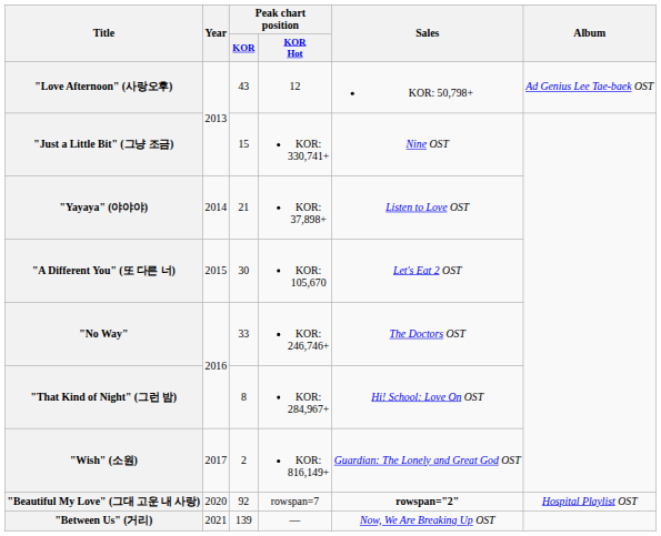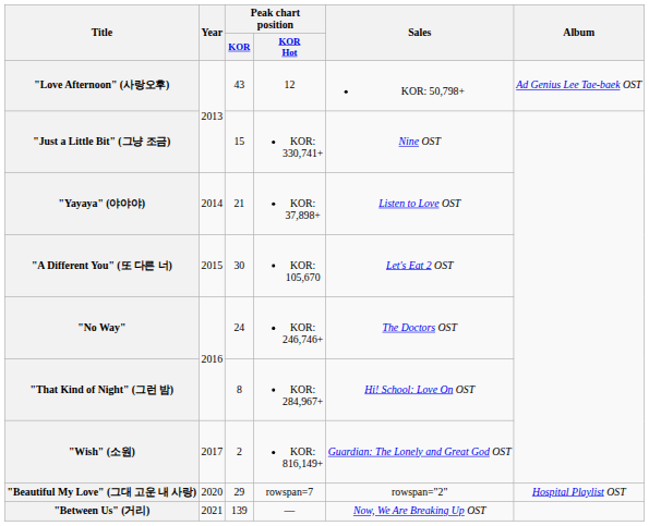 <table class="wikitable plainrowheaders" style="text-align:center">
 <tr>
 <th scope="col" rowspan="2">Title</th>
 <th scope="col" rowspan="2">Year</th>
 <th scope="col" colspan="2">Peak chart<br>position</th>
 <th scope="col" rowspan="2">Sales</th>
 <th scope="col" rowspan="2">Album</th>
 </tr>
 <tr>
 <th scope="col" style="width:2.5em;font-size:90%;"><a href='#'>KOR</a><br></th>
 <th scope="col" style="width:2.5em;font-size:90%;"><a href='#'>KOR<br>Hot</a><br></th>
 </tr>
 <tr>
 <th scope="row">"Love Afternoon" (사랑오후)</th>
 <td rowspan="2">2013</td>
 <td>43</td>
 <td>12</td>
 <td><br><ul><li>KOR: 50,798+</li></ul></td>
 <td><em><a href='#'>Ad Genius Lee Tae-baek</a> OST</em></td>
 </tr>
 <tr>
 <th scope="row">"Just a Little Bit" (그냥 조금)</th>
 <td>15</td>
 <td><br><ul><li>KOR: 330,741+</li></ul></td>
 <td><em><a href='#'>Nine</a> OST</em></td>
 </tr>
 <tr>
 <th scope="row">"Yayaya" (야야야)</th>
 <td>2014</td>
 <td>21</td>
 <td><br><ul><li>KOR: 37,898+</li></ul></td>
 <td><em><a href='#'>Listen to Love</a> OST</em></td>
 </tr>
 <tr>
 <th scope="row">"A Different You" (또 다른 너)</th>
 <td>2015</td>
 <td>30</td>
 <td><br><ul><li>KOR: 105,670</li></ul></td>
 <td><em><a href='#'>Let's Eat 2</a> OST</em></td>
 </tr>
 <tr>
 <th scope="row">"No Way"</th>
 <td rowspan="2">2016</td>
-<td>33</td>
+<td>24</td>
 <td><br><ul><li>KOR: 246,746+</li></ul></td>
 <td><em><a href='#'>The Doctors</a> OST</em></td>
 </tr>
 <tr>
 <th scope="row">"That Kind of Night" (그런 밤)</th>
 <td>8</td>
 <td><br><ul><li>KOR: 284,967+</li></ul></td>
 <td><em><a href='#'>Hi! School: Love On</a> OST</em></td>
 </tr>
 <tr>
 <th scope="row">"Wish" (소원)</th>
 <td>2017</td>
 <td>2</td>
 <td><br><ul><li>KOR: 816,149+</li></ul></td>
 <td><em><a href='#'>Guardian: The Lonely and Great God</a> OST</em></td>
 </tr>
 <tr>
 <th scope="row">"Beautiful My Love" (그대 고운 내 사랑)</th>
 <td>2020</td>
-<td>92</td>
+<td>29</td>
 <td>rowspan=7 </td>
-<td><strong>rowspan="2" </strong></td>
+<td>rowspan="2" </td>
 <td><em><a href='#'>Hospital Playlist</a> OST</em></td>
 </tr>
 <tr>
 <th scope="row">"Between Us" (거리)</th>
 <td>2021</td>
 <td>139</td>
 <td>—</td>
 <td><em><a href='#'>Now, We Are Breaking Up</a> OST</em></td>
 </tr>
 </table>
